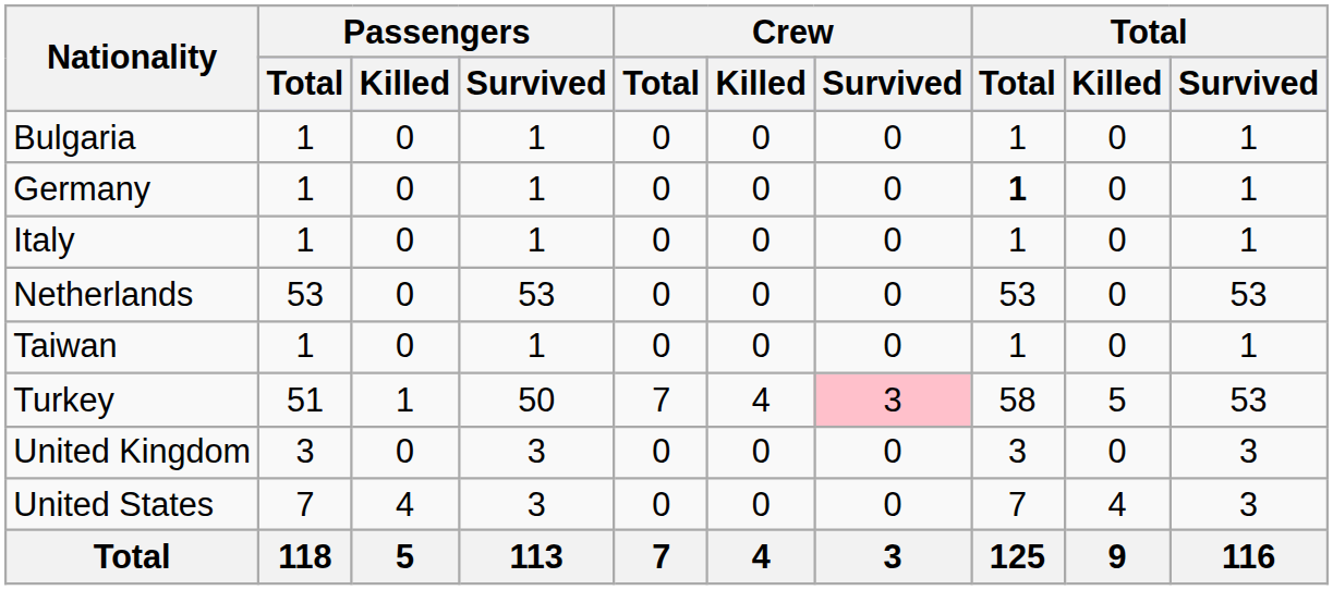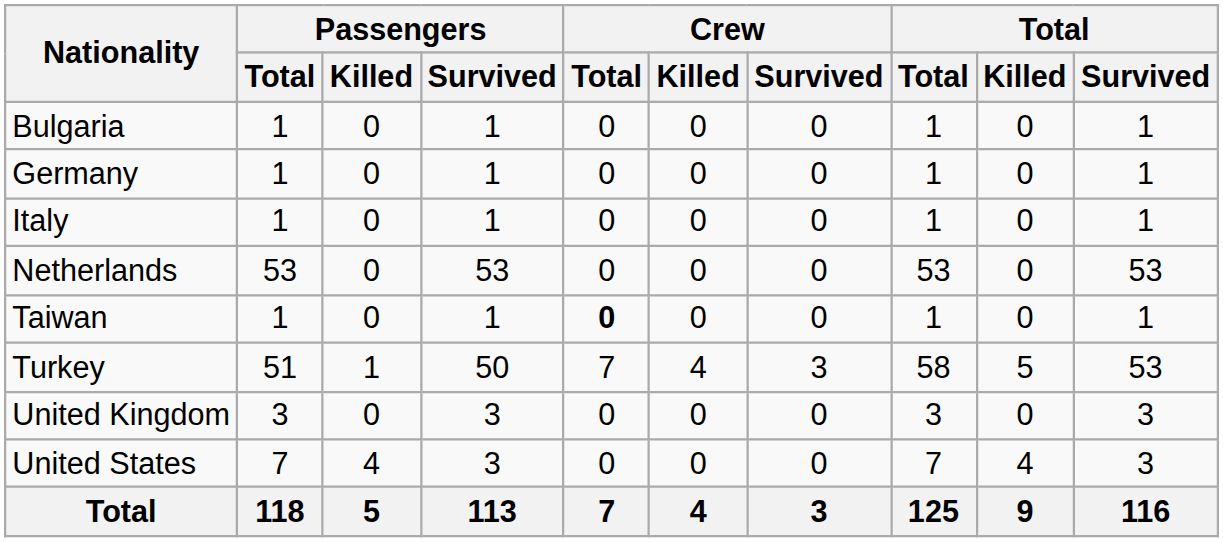 <table class="wikitable sortable" style="text-align:center;font-size:85%">
 <tr>
 <th rowspan=2>Nationality<br></th>
 <th colspan="3">Passengers</th>
 <th colspan=3>Crew</th>
 <th colspan=3>Total</th>
 </tr>
 <tr bgcolor=ccccff>
 <th>Total</th>
 <th>Killed</th>
 <th>Survived</th>
 <th>Total</th>
 <th>Killed</th>
 <th>Survived</th>
 <th>Total</th>
 <th>Killed</th>
 <th>Survived</th>
 </tr>
 <tr>
 <td align=left> Bulgaria</td>
 <td>1</td>
 <td>0</td>
 <td>1</td>
 <td>0</td>
 <td>0</td>
 <td>0</td>
 <td>1</td>
 <td>0</td>
 <td>1</td>
 </tr>
 <tr>
 <td align=left> Germany</td>
 <td>1</td>
 <td>0</td>
 <td>1</td>
 <td>0</td>
 <td>0</td>
 <td>0</td>
-<td><strong>1</strong></td>
+<td>1</td>
 <td>0</td>
 <td>1</td>
 </tr>
 <tr>
 <td align=left> Italy</td>
 <td>1</td>
 <td>0</td>
 <td>1</td>
 <td>0</td>
 <td>0</td>
 <td>0</td>
 <td>1</td>
 <td>0</td>
 <td>1</td>
 </tr>
 <tr>
 <td align=left> Netherlands</td>
 <td>53</td>
 <td>0</td>
 <td>53</td>
 <td>0</td>
 <td>0</td>
 <td>0</td>
 <td>53</td>
 <td>0</td>
 <td>53</td>
 </tr>
 <tr>
 <td align=left> Taiwan</td>
 <td>1</td>
 <td>0</td>
 <td>1</td>
-<td>0</td>
+<td><strong>0</strong></td>
 <td>0</td>
 <td>0</td>
 <td>1</td>
 <td>0</td>
 <td>1</td>
 </tr>
 <tr>
 <td align=left> Turkey</td>
 <td>51</td>
 <td>1</td>
 <td>50</td>
 <td>7</td>
 <td>4</td>
-<td style="background: pink;">3</td>
+<td>3</td>
 <td>58</td>
 <td>5</td>
 <td>53</td>
 </tr>
 <tr>
 <td align=left> United Kingdom</td>
 <td>3</td>
 <td>0</td>
 <td>3</td>
 <td>0</td>
 <td>0</td>
 <td>0</td>
 <td>3</td>
 <td>0</td>
 <td>3</td>
 </tr>
 <tr>
 <td align=left> United States</td>
 <td>7</td>
 <td>4</td>
 <td>3</td>
 <td>0</td>
 <td>0</td>
 <td>0</td>
 <td>7</td>
 <td>4</td>
 <td>3</td>
 </tr>
 <tr class="unsortable">
 <th>Total</th>
 <th>118</th>
 <th>5</th>
 <th>113</th>
 <th>7</th>
 <th>4</th>
 <th>3</th>
 <th>125</th>
 <th>9</th>
 <th>116</th>
 </tr>
 </table>
